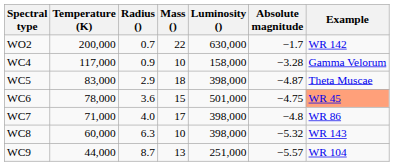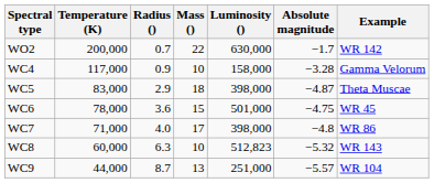 <table class="wikitable sortable">
 <tr>
 <th>Spectral<br>type</th>
 <th>Temperature<br>(K)</th>
 <th>Radius<br>()</th>
 <th>Mass<br>()</th>
 <th>Luminosity<br>()</th>
 <th>Absolute<br>magnitude</th>
 <th>Example</th>
 </tr>
 <tr>
 <td>WO2</td>
 <td style="text-align:right; background-color:#">200,000</td>
 <td style="text-align:right">0.7</td>
 <td style="text-align:right">22</td>
 <td style="text-align:right">630,000</td>
 <td style="text-align:right">−1.7</td>
 <td><a href='#'>WR 142</a></td>
 </tr>
 <tr>
 <td>WC4</td>
 <td style="text-align:right; background-color:#">117,000</td>
 <td style="text-align:right">0.9</td>
 <td style="text-align:right">10</td>
 <td style="text-align:right">158,000</td>
 <td style="text-align:right">−3.28</td>
 <td><a href='#'>Gamma Velorum</a></td>
 </tr>
 <tr>
 <td>WC5</td>
 <td style="text-align:right; background-color:#">83,000</td>
 <td style="text-align:right">2.9</td>
 <td style="text-align:right">18</td>
 <td style="text-align:right">398,000</td>
 <td style="text-align:right">−4.87</td>
 <td><a href='#'>Theta Muscae</a></td>
 </tr>
 <tr>
 <td>WC6</td>
 <td style="text-align:right; background-color:#">78,000</td>
 <td style="text-align:right">3.6</td>
 <td style="text-align:right">15</td>
 <td style="text-align:right">501,000</td>
 <td style="text-align:right">−4.75</td>
-<td style="background: lightsalmon;"><a href='#'>WR 45</a></td>
+<td><a href='#'>WR 45</a></td>
 </tr>
 <tr>
 <td>WC7</td>
 <td style="text-align:right; background-color:#">71,000</td>
 <td style="text-align:right">4.0</td>
 <td style="text-align:right">17</td>
 <td style="text-align:right">398,000</td>
 <td style="text-align:right">−4.8</td>
 <td><a href='#'>WR 86</a></td>
 </tr>
 <tr>
 <td>WC8</td>
 <td style="text-align:right; background-color:#">60,000</td>
 <td style="text-align:right">6.3</td>
 <td style="text-align:right">10</td>
-<td style="text-align:right">398,000</td>
+<td style="text-align:right">512,823</td>
 <td style="text-align:right">−5.32</td>
 <td><a href='#'>WR 143</a></td>
 </tr>
 <tr>
 <td>WC9</td>
 <td style="text-align:right; background-color:#">44,000</td>
 <td style="text-align:right">8.7</td>
 <td style="text-align:right">13</td>
 <td style="text-align:right">251,000</td>
 <td style="text-align:right">−5.57</td>
 <td><a href='#'>WR 104</a></td>
 </tr>
 </table>
